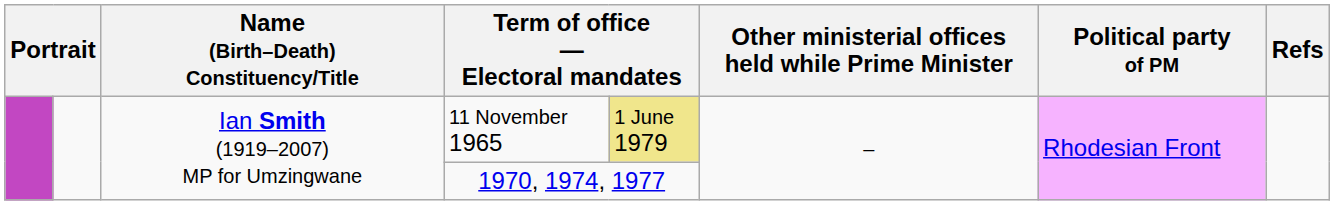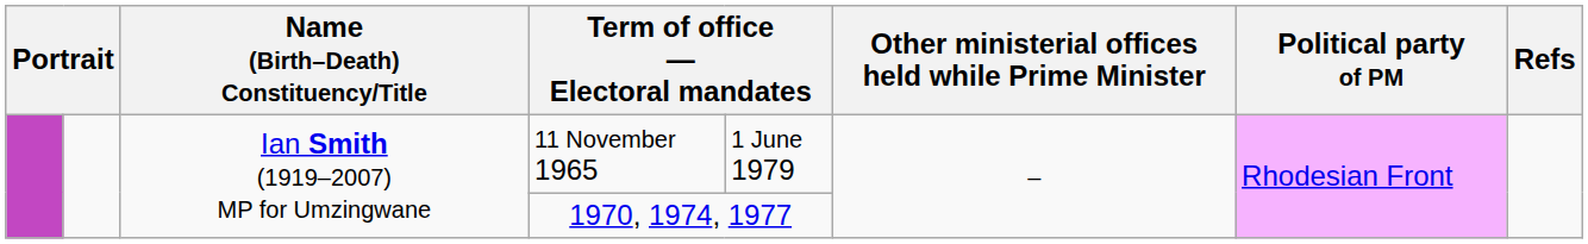 <table class="wikitable" width=100%>
 <tr>
 <th scope="col" colspan="2" width=40>Portrait</th>
 <th scope="col" width=27%>Name<br><small>(Birth–Death)<br>Constituency/Title</small></th>
 <th scope="col" colspan="2" width=20%>Term of office<br>—<br>Electoral mandates</th>
 <th scope="col" width=27%>Other ministerial offices<br>held while Prime Minister</th>
 <th scope="col" width=18%>Political party<br><small>of PM</small></th>
 <th scope="col">Refs</th>
 </tr>
 <tr>
 <td scope="row" rowspan="2" style="background-color: #C247C2"></td>
 <td rowspan="2"></td>
 <td rowspan="2" align="center"><a href='#'>Ian <strong>Smith</strong></a><br><small>(1919–2007)<br>MP for Umzingwane</small></td>
 <td><small>11 November</small><br>1965</td>
-<td style="background: khaki;"><small>1 June</small><br>1979</td>
+<td><small>1 June</small><br>1979</td>
 <td rowspan="2" align=center><small>–</small></td>
 <td bgcolor=#f6b3ff rowspan="2"><a href='#'>Rhodesian Front</a></td>
 <td rowspan="2" align=center></td>
 </tr>
 <tr>
 <td colspan="2" align="center"><a href='#'>1970</a>, <a href='#'>1974</a>, <a href='#'>1977</a></td>
 </tr>
 </table>
